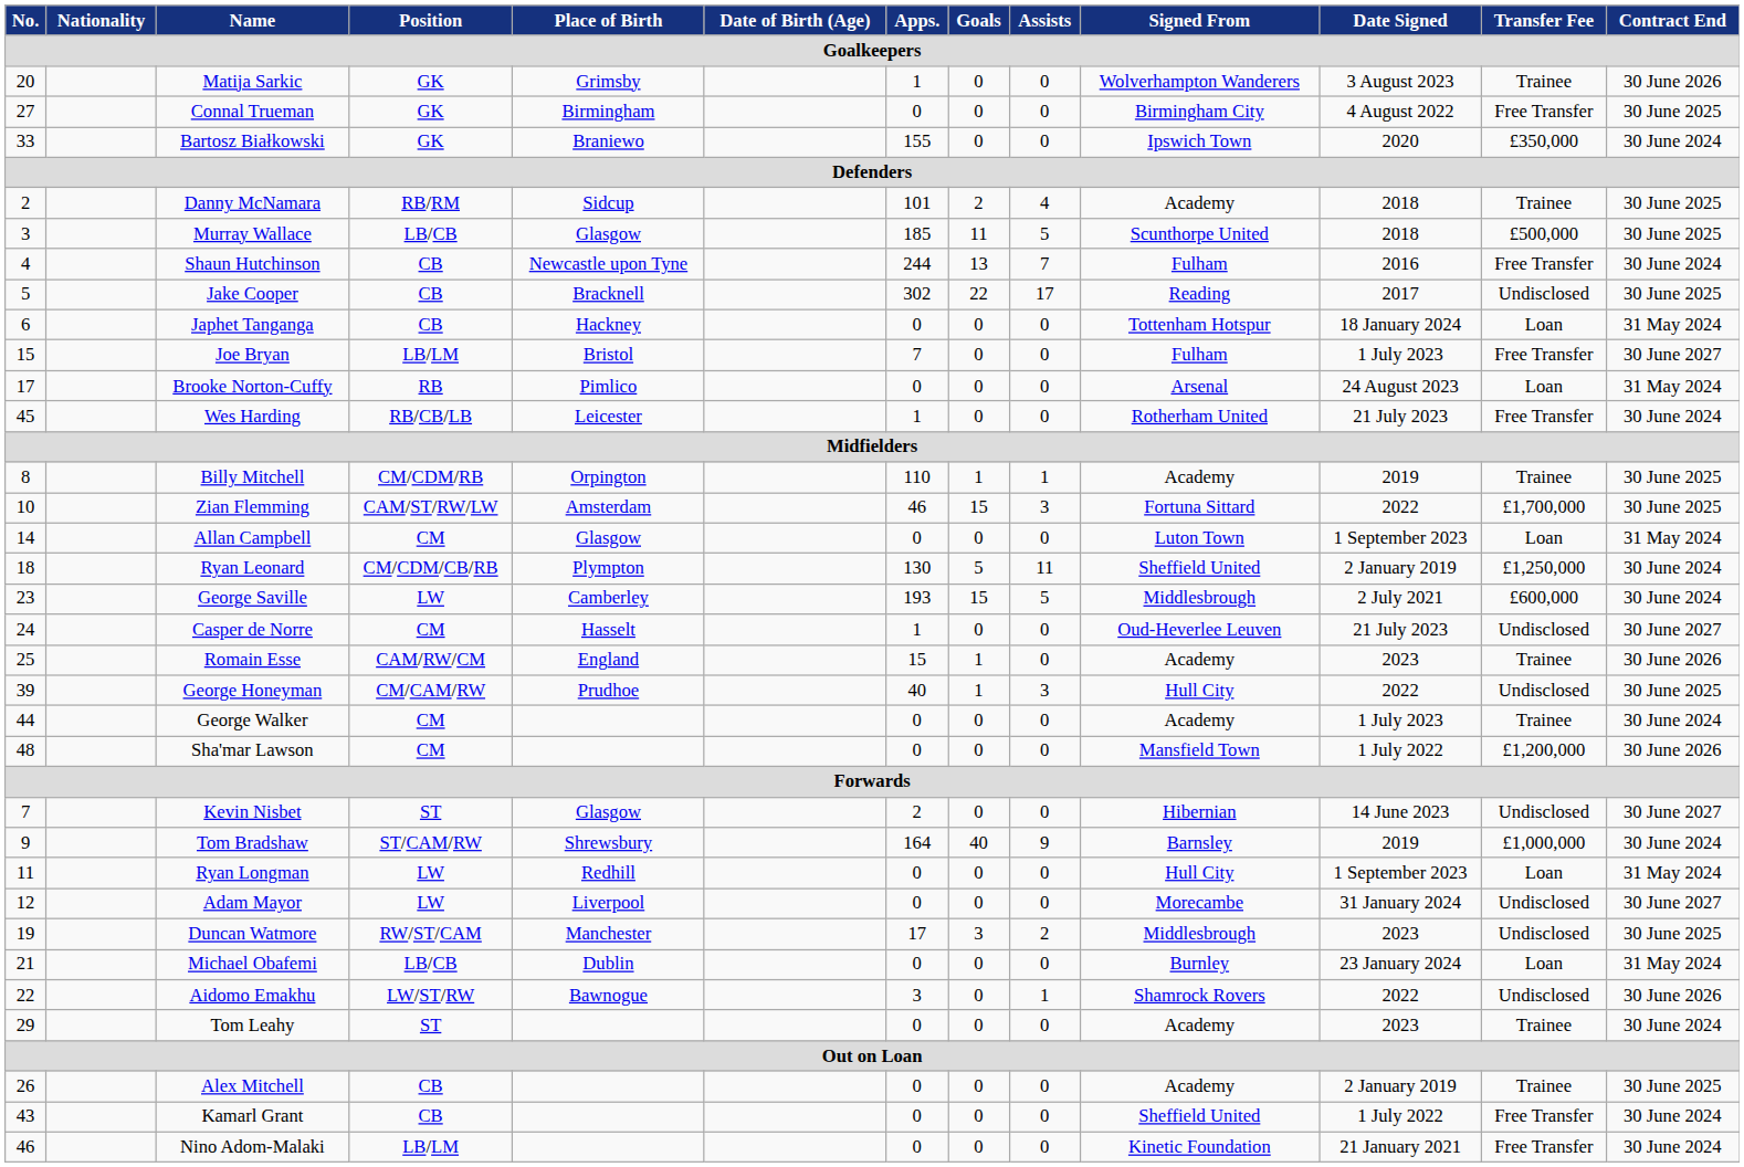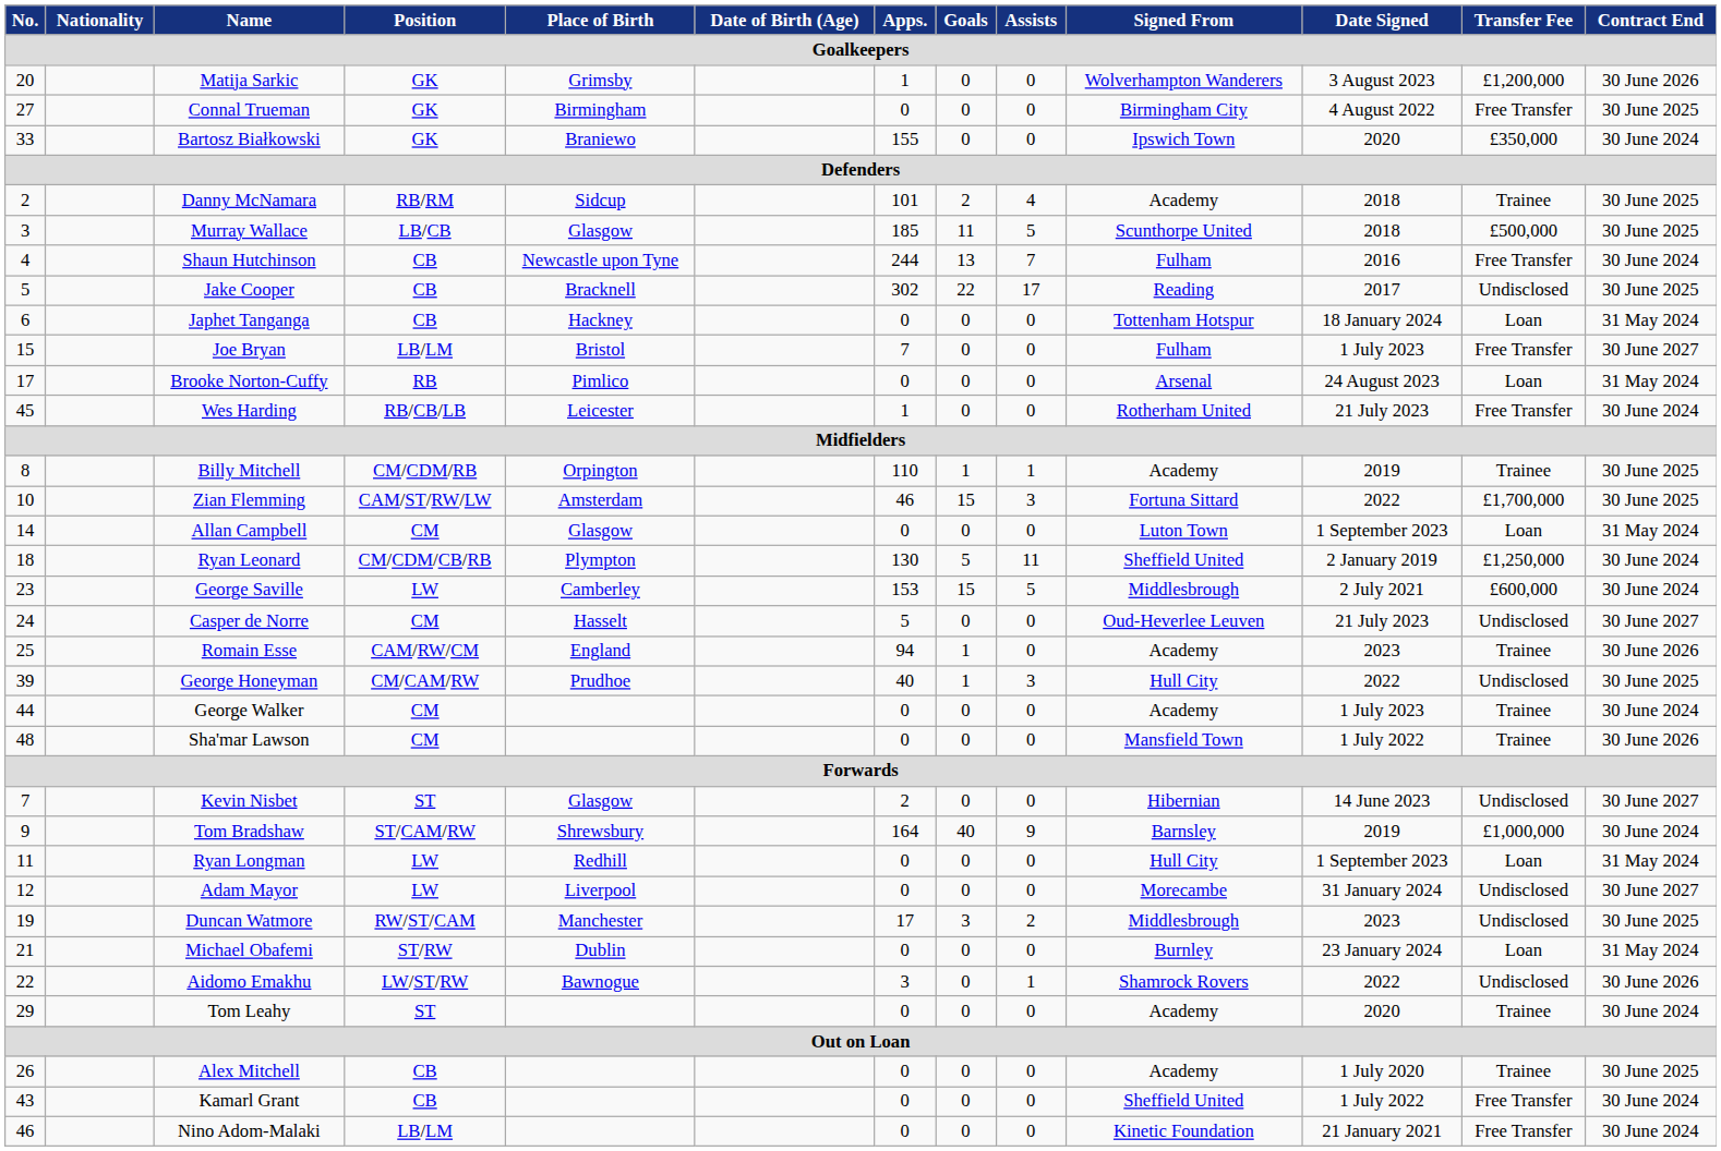 <table class="wikitable" style="text-align:center; font-size:84.5%; width:101%;">
 <tr>
 <th style="color:white; background:#15317E; text-align:center;">No.</th>
 <th style="color:white; background:#15317E; text-align:center;">Nationality</th>
 <th style="color:white; background:#15317E; text-align:center;">Name</th>
 <th style="color:white; background:#15317E; text-align:center;">Position</th>
 <th style="color:white; background:#15317E; text-align:center;">Place of Birth</th>
 <th style="color:white; background:#15317E; text-align:center;">Date of Birth (Age)</th>
 <th style="color:white; background:#15317E; text-align:center;">Apps.</th>
 <th style="color:white; background:#15317E; text-align:center;">Goals</th>
 <th style="color:white; background:#15317E; text-align:center;">Assists</th>
 <th style="color:white; background:#15317E; text-align:center;">Signed From</th>
 <th style="color:white; background:#15317E; text-align:center;">Date Signed</th>
 <th style="color:white; background:#15317E; text-align:center;">Transfer Fee</th>
 <th style="color:white; background:#15317E; text-align:center;">Contract End</th>
 </tr>
 <tr>
 <th colspan="14" style="background:#dcdcdc; tepxt-align:center;">Goalkeepers</th>
 </tr>
 <tr>
 <td>20</td>
 <td></td>
 <td><a href='#'>Matija Sarkic</a></td>
 <td><a href='#'>GK</a></td>
 <td><a href='#'>Grimsby</a></td>
 <td></td>
 <td>1</td>
 <td>0</td>
 <td>0</td>
 <td> <a href='#'>Wolverhampton Wanderers</a></td>
 <td>3 August 2023</td>
-<td>Trainee</td>
+<td>£1,200,000</td>
 <td>30 June 2026</td>
 </tr>
 <tr>
 <td>27</td>
 <td></td>
 <td><a href='#'>Connal Trueman</a></td>
 <td><a href='#'>GK</a></td>
 <td><a href='#'>Birmingham</a></td>
 <td></td>
 <td>0</td>
 <td>0</td>
 <td>0</td>
 <td> <a href='#'>Birmingham City</a></td>
 <td>4 August 2022</td>
 <td>Free Transfer</td>
 <td>30 June 2025</td>
 </tr>
 <tr>
 <td>33</td>
 <td></td>
 <td><a href='#'>Bartosz Białkowski</a></td>
 <td><a href='#'>GK</a></td>
 <td><a href='#'>Braniewo</a></td>
 <td></td>
 <td>155</td>
 <td>0</td>
 <td>0</td>
 <td> <a href='#'>Ipswich Town</a></td>
 <td>2020</td>
 <td>£350,000</td>
 <td>30 June 2024</td>
 </tr>
 <tr>
 <th colspan="14" style="background:#dcdcdc; tepxt-align:center;">Defenders</th>
 </tr>
 <tr>
 <td>2</td>
 <td></td>
 <td><a href='#'>Danny McNamara</a></td>
 <td><a href='#'>RB</a>/<a href='#'>RM</a></td>
 <td><a href='#'>Sidcup</a></td>
 <td></td>
 <td>101</td>
 <td>2</td>
 <td>4</td>
 <td>Academy</td>
 <td>2018</td>
 <td>Trainee</td>
 <td>30 June 2025</td>
 </tr>
 <tr>
 <td>3</td>
 <td></td>
 <td><a href='#'>Murray Wallace</a></td>
 <td><a href='#'>LB</a>/<a href='#'>CB</a></td>
 <td><a href='#'>Glasgow</a></td>
 <td></td>
 <td>185</td>
 <td>11</td>
 <td>5</td>
 <td> <a href='#'>Scunthorpe United</a></td>
 <td>2018</td>
 <td>£500,000</td>
 <td>30 June 2025</td>
 </tr>
 <tr>
 <td>4</td>
 <td></td>
 <td><a href='#'>Shaun Hutchinson</a></td>
 <td><a href='#'>CB</a></td>
 <td><a href='#'>Newcastle upon Tyne</a></td>
 <td></td>
 <td>244</td>
 <td>13</td>
 <td>7</td>
 <td> <a href='#'>Fulham</a></td>
 <td>2016</td>
 <td>Free Transfer</td>
 <td>30 June 2024</td>
 </tr>
 <tr>
 <td>5</td>
 <td></td>
 <td><a href='#'>Jake Cooper</a></td>
 <td><a href='#'>CB</a></td>
 <td><a href='#'>Bracknell</a></td>
 <td></td>
 <td>302</td>
 <td>22</td>
 <td>17</td>
 <td> <a href='#'>Reading</a></td>
 <td>2017</td>
 <td>Undisclosed</td>
 <td>30 June 2025</td>
 </tr>
 <tr>
 <td>6</td>
 <td></td>
 <td><a href='#'>Japhet Tanganga</a></td>
 <td><a href='#'>CB</a></td>
 <td><a href='#'>Hackney</a></td>
 <td></td>
 <td>0</td>
 <td>0</td>
 <td>0</td>
 <td> <a href='#'>Tottenham Hotspur</a></td>
 <td>18 January 2024</td>
 <td>Loan</td>
 <td>31 May 2024</td>
 </tr>
 <tr>
 <td>15</td>
 <td></td>
 <td><a href='#'>Joe Bryan</a></td>
 <td><a href='#'>LB</a>/<a href='#'>LM</a></td>
 <td><a href='#'>Bristol</a></td>
 <td></td>
 <td>7</td>
 <td>0</td>
 <td>0</td>
 <td>  <a href='#'>Fulham</a></td>
 <td>1 July 2023</td>
 <td>Free Transfer</td>
 <td>30 June 2027</td>
 </tr>
 <tr>
 <td>17</td>
 <td></td>
 <td><a href='#'>Brooke Norton-Cuffy</a></td>
 <td><a href='#'>RB</a></td>
 <td><a href='#'>Pimlico</a></td>
 <td></td>
 <td>0</td>
 <td>0</td>
 <td>0</td>
 <td> <a href='#'>Arsenal</a></td>
 <td>24 August 2023</td>
 <td>Loan</td>
 <td>31 May 2024</td>
 </tr>
 <tr>
 <td>45</td>
 <td> </td>
 <td><a href='#'>Wes Harding</a></td>
 <td><a href='#'>RB</a>/<a href='#'>CB</a>/<a href='#'>LB</a></td>
 <td><a href='#'>Leicester</a></td>
 <td></td>
 <td>1</td>
 <td>0</td>
 <td>0</td>
 <td> <a href='#'>Rotherham United</a></td>
 <td>21 July 2023</td>
 <td>Free Transfer</td>
 <td>30 June 2024</td>
 </tr>
 <tr>
 <th colspan="14" style="background:#dcdcdc; tepxt-align:center;">Midfielders</th>
 </tr>
 <tr>
 <td>8</td>
 <td></td>
 <td><a href='#'>Billy Mitchell</a></td>
 <td><a href='#'>CM</a>/<a href='#'>CDM</a>/<a href='#'>RB</a></td>
 <td><a href='#'>Orpington</a></td>
 <td></td>
 <td>110</td>
 <td>1</td>
 <td>1</td>
 <td>Academy</td>
 <td>2019</td>
 <td>Trainee</td>
 <td>30 June 2025</td>
 </tr>
 <tr>
 <td>10</td>
 <td></td>
 <td><a href='#'>Zian Flemming</a></td>
 <td><a href='#'>CAM</a>/<a href='#'>ST</a>/<a href='#'>RW</a>/<a href='#'>LW</a></td>
 <td><a href='#'>Amsterdam</a></td>
 <td></td>
 <td>46</td>
 <td>15</td>
 <td>3</td>
 <td> <a href='#'>Fortuna Sittard</a></td>
 <td>2022</td>
 <td>£1,700,000</td>
 <td>30 June 2025</td>
 </tr>
 <tr>
 <td>14</td>
 <td></td>
 <td><a href='#'>Allan Campbell</a></td>
 <td><a href='#'>CM</a></td>
 <td><a href='#'>Glasgow</a></td>
 <td></td>
 <td>0</td>
 <td>0</td>
 <td>0</td>
 <td> <a href='#'>Luton Town</a></td>
 <td>1 September 2023</td>
 <td>Loan</td>
 <td>31 May 2024</td>
 </tr>
 <tr>
 <td>18</td>
 <td></td>
 <td><a href='#'>Ryan Leonard</a></td>
 <td><a href='#'>CM</a>/<a href='#'>CDM</a>/<a href='#'>CB</a>/<a href='#'>RB</a></td>
 <td><a href='#'>Plympton</a></td>
 <td></td>
 <td>130</td>
 <td>5</td>
 <td>11</td>
 <td> <a href='#'>Sheffield United</a></td>
 <td>2 January 2019</td>
 <td>£1,250,000</td>
 <td>30 June 2024</td>
 </tr>
 <tr>
 <td>23</td>
 <td></td>
 <td><a href='#'>George Saville</a></td>
 <td><a href='#'>LW</a></td>
 <td><a href='#'>Camberley</a></td>
 <td></td>
-<td>193</td>
+<td>153</td>
 <td>15</td>
 <td>5</td>
 <td>  <a href='#'>Middlesbrough</a></td>
 <td>2 July 2021</td>
 <td>£600,000</td>
 <td>30 June 2024</td>
 </tr>
 <tr>
 <td>24</td>
 <td></td>
 <td><a href='#'>Casper de Norre</a></td>
 <td><a href='#'>CM</a></td>
 <td><a href='#'>Hasselt</a></td>
 <td></td>
-<td>1</td>
+<td>5</td>
 <td>0</td>
 <td>0</td>
 <td> <a href='#'>Oud-Heverlee Leuven</a></td>
 <td>21 July 2023</td>
 <td>Undisclosed</td>
 <td>30 June 2027</td>
 </tr>
 <tr>
 <td>25</td>
 <td></td>
 <td><a href='#'>Romain Esse</a></td>
 <td><a href='#'>CAM</a>/<a href='#'>RW</a>/<a href='#'>CM</a></td>
 <td><a href='#'>England</a></td>
 <td></td>
-<td>15</td>
+<td>94</td>
 <td>1</td>
 <td>0</td>
 <td>Academy</td>
 <td>2023</td>
 <td>Trainee</td>
 <td>30 June 2026</td>
 </tr>
 <tr>
 <td>39</td>
 <td></td>
 <td><a href='#'>George Honeyman</a></td>
 <td><a href='#'>CM</a>/<a href='#'>CAM</a>/<a href='#'>RW</a></td>
 <td><a href='#'>Prudhoe</a></td>
 <td></td>
 <td>40</td>
 <td>1</td>
 <td>3</td>
 <td> <a href='#'>Hull City</a></td>
 <td>2022</td>
 <td>Undisclosed</td>
 <td>30 June 2025</td>
 </tr>
 <tr>
 <td>44</td>
 <td></td>
 <td>George Walker</td>
 <td><a href='#'>CM</a></td>
 <td></td>
 <td></td>
 <td>0</td>
 <td>0</td>
 <td>0</td>
 <td>Academy</td>
 <td>1 July 2023</td>
 <td>Trainee</td>
 <td>30 June 2024</td>
 </tr>
 <tr>
 <td>48</td>
 <td></td>
 <td>Sha'mar Lawson</td>
 <td><a href='#'>CM</a></td>
 <td></td>
 <td></td>
 <td>0</td>
 <td>0</td>
 <td>0</td>
 <td><a href='#'>Mansfield Town</a></td>
 <td>1 July 2022</td>
-<td>£1,200,000</td>
+<td>Trainee</td>
 <td>30 June 2026</td>
 </tr>
 <tr>
 <th colspan="14" style="background:#dcdcdc; tepxt-align:center;">Forwards</th>
 </tr>
 <tr>
 <td>7</td>
 <td></td>
 <td><a href='#'>Kevin Nisbet</a></td>
 <td><a href='#'>ST</a></td>
 <td><a href='#'>Glasgow</a></td>
 <td></td>
 <td>2</td>
 <td>0</td>
 <td>0</td>
 <td> <a href='#'>Hibernian</a></td>
 <td>14 June 2023</td>
 <td>Undisclosed</td>
 <td>30 June 2027</td>
 </tr>
 <tr>
 <td>9</td>
 <td></td>
 <td><a href='#'>Tom Bradshaw</a></td>
 <td><a href='#'>ST</a>/<a href='#'>CAM</a>/<a href='#'>RW</a></td>
 <td><a href='#'>Shrewsbury</a></td>
 <td></td>
 <td>164</td>
 <td>40</td>
 <td>9</td>
 <td> <a href='#'>Barnsley</a></td>
 <td>2019</td>
 <td>£1,000,000</td>
 <td>30 June 2024</td>
 </tr>
 <tr>
 <td>11</td>
 <td></td>
 <td><a href='#'>Ryan Longman</a></td>
 <td><a href='#'>LW</a></td>
 <td><a href='#'>Redhill</a></td>
 <td></td>
 <td>0</td>
 <td>0</td>
 <td>0</td>
 <td> <a href='#'>Hull City</a></td>
 <td>1 September 2023</td>
 <td>Loan</td>
 <td>31 May 2024</td>
 </tr>
 <tr>
 <td>12</td>
 <td></td>
 <td><a href='#'>Adam Mayor</a></td>
 <td><a href='#'>LW</a></td>
 <td><a href='#'>Liverpool</a></td>
 <td></td>
 <td>0</td>
 <td>0</td>
 <td>0</td>
 <td> <a href='#'>Morecambe</a></td>
 <td>31 January 2024</td>
 <td>Undisclosed</td>
 <td>30 June 2027</td>
 </tr>
 <tr>
 <td>19</td>
 <td></td>
 <td><a href='#'>Duncan Watmore</a></td>
 <td><a href='#'>RW</a>/<a href='#'>ST</a>/<a href='#'>CAM</a></td>
 <td><a href='#'>Manchester</a></td>
 <td></td>
 <td>17</td>
 <td>3</td>
 <td>2</td>
 <td> <a href='#'>Middlesbrough</a></td>
 <td>2023</td>
 <td>Undisclosed</td>
 <td>30 June 2025</td>
 </tr>
 <tr>
 <td>21</td>
 <td></td>
 <td><a href='#'>Michael Obafemi</a></td>
-<td><a href='#'>LB</a>/<a href='#'>CB</a></td>
+<td><a href='#'>ST</a>/<a href='#'>RW</a></td>
 <td><a href='#'>Dublin</a></td>
 <td></td>
 <td>0</td>
 <td>0</td>
 <td>0</td>
 <td> <a href='#'>Burnley</a></td>
 <td>23 January 2024</td>
 <td>Loan</td>
 <td>31 May 2024</td>
 </tr>
 <tr>
 <td>22</td>
 <td></td>
 <td><a href='#'>Aidomo Emakhu</a></td>
 <td><a href='#'>LW</a>/<a href='#'>ST</a>/<a href='#'>RW</a></td>
 <td><a href='#'>Bawnogue</a></td>
 <td></td>
 <td>3</td>
 <td>0</td>
 <td>1</td>
 <td><a href='#'>Shamrock Rovers</a></td>
 <td>2022</td>
 <td>Undisclosed</td>
 <td>30 June 2026</td>
 </tr>
 <tr>
 <td>29</td>
 <td></td>
 <td>Tom Leahy</td>
 <td><a href='#'>ST</a></td>
 <td></td>
 <td></td>
 <td>0</td>
 <td>0</td>
 <td>0</td>
 <td>Academy</td>
-<td>2023</td>
+<td>2020</td>
 <td>Trainee</td>
 <td>30 June 2024</td>
 </tr>
 <tr>
 <th colspan="14" style="background:#dcdcdc; tepxt-align:center;">Out on Loan</th>
 </tr>
 <tr>
 <td>26</td>
 <td></td>
 <td><a href='#'>Alex Mitchell</a></td>
 <td><a href='#'>CB</a></td>
 <td></td>
 <td></td>
 <td>0</td>
 <td>0</td>
 <td>0</td>
 <td>Academy</td>
-<td>2 January 2019</td>
+<td>1 July 2020</td>
 <td>Trainee</td>
 <td>30 June 2025</td>
 </tr>
 <tr>
 <td>43</td>
 <td></td>
 <td>Kamarl Grant</td>
 <td><a href='#'>CB</a></td>
 <td></td>
 <td></td>
 <td>0</td>
 <td>0</td>
 <td>0</td>
 <td> <a href='#'>Sheffield United</a></td>
 <td>1 July 2022</td>
 <td>Free Transfer</td>
 <td>30 June 2024</td>
 </tr>
 <tr>
 <td>46</td>
 <td></td>
 <td>Nino Adom-Malaki</td>
 <td><a href='#'>LB</a>/<a href='#'>LM</a></td>
 <td></td>
 <td></td>
 <td>0</td>
 <td>0</td>
 <td>0</td>
 <td> <a href='#'>Kinetic Foundation</a></td>
 <td>21 January 2021</td>
 <td>Free Transfer</td>
 <td>30 June 2024</td>
 </tr>
 </table>
